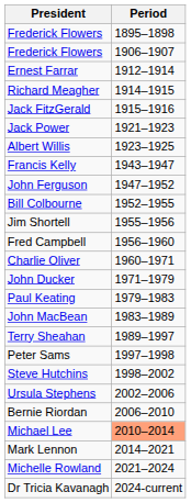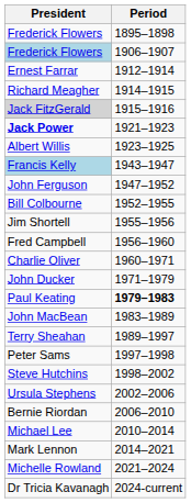 <table class="wikitable">
 <tr>
 <th>President</th>
 <th>Period</th>
 </tr>
 <tr>
 <td><a href='#'>Frederick Flowers</a></td>
 <td>1895–1898</td>
 </tr>
 <tr>
-<td><a href='#'>Frederick Flowers</a></td>
+<td style="background: lightblue;"><a href='#'>Frederick Flowers</a></td>
 <td>1906–1907</td>
 </tr>
 <tr>
 <td><a href='#'>Ernest Farrar</a></td>
 <td>1912–1914</td>
 </tr>
 <tr>
 <td><a href='#'>Richard Meagher</a></td>
 <td>1914–1915</td>
 </tr>
 <tr>
-<td><a href='#'>Jack FitzGerald</a></td>
+<td style="background: lightgrey;"><a href='#'>Jack FitzGerald</a></td>
 <td>1915–1916</td>
 </tr>
 <tr>
-<td><a href='#'>Jack Power</a></td>
+<td><strong><a href='#'>Jack Power</a></strong></td>
 <td>1921–1923</td>
 </tr>
 <tr>
 <td><a href='#'>Albert Willis</a></td>
 <td>1923–1925</td>
 </tr>
 <tr>
-<td><a href='#'>Francis Kelly</a></td>
+<td style="background: lightblue;"><a href='#'>Francis Kelly</a></td>
 <td>1943–1947</td>
 </tr>
 <tr>
 <td><a href='#'>John Ferguson</a></td>
 <td>1947–1952</td>
 </tr>
 <tr>
 <td><a href='#'>Bill Colbourne</a></td>
 <td>1952–1955</td>
 </tr>
 <tr>
 <td>Jim Shortell</td>
 <td>1955–1956</td>
 </tr>
 <tr>
 <td>Fred Campbell</td>
 <td>1956–1960</td>
 </tr>
 <tr>
 <td><a href='#'>Charlie Oliver</a></td>
 <td>1960–1971</td>
 </tr>
 <tr>
 <td><a href='#'>John Ducker</a></td>
 <td>1971–1979</td>
 </tr>
 <tr>
 <td><a href='#'>Paul Keating</a></td>
-<td>1979–1983</td>
+<td><strong>1979–1983</strong></td>
 </tr>
 <tr>
 <td><a href='#'>John MacBean</a></td>
 <td>1983–1989</td>
 </tr>
 <tr>
 <td><a href='#'>Terry Sheahan</a></td>
 <td>1989–1997</td>
 </tr>
 <tr>
 <td>Peter Sams</td>
 <td>1997–1998</td>
 </tr>
 <tr>
 <td><a href='#'>Steve Hutchins</a></td>
 <td>1998–2002</td>
 </tr>
 <tr>
 <td><a href='#'>Ursula Stephens</a></td>
 <td>2002–2006</td>
 </tr>
 <tr>
 <td>Bernie Riordan</td>
 <td>2006–2010</td>
 </tr>
 <tr>
 <td><a href='#'>Michael Lee</a></td>
-<td style="background: lightsalmon;">2010–2014</td>
+<td>2010–2014</td>
 </tr>
 <tr>
 <td>Mark Lennon</td>
 <td>2014–2021</td>
 </tr>
 <tr>
 <td><a href='#'>Michelle Rowland</a></td>
 <td>2021–2024</td>
 </tr>
 <tr>
 <td>Dr Tricia Kavanagh</td>
 <td>2024-current</td>
 </tr>
 </table>
